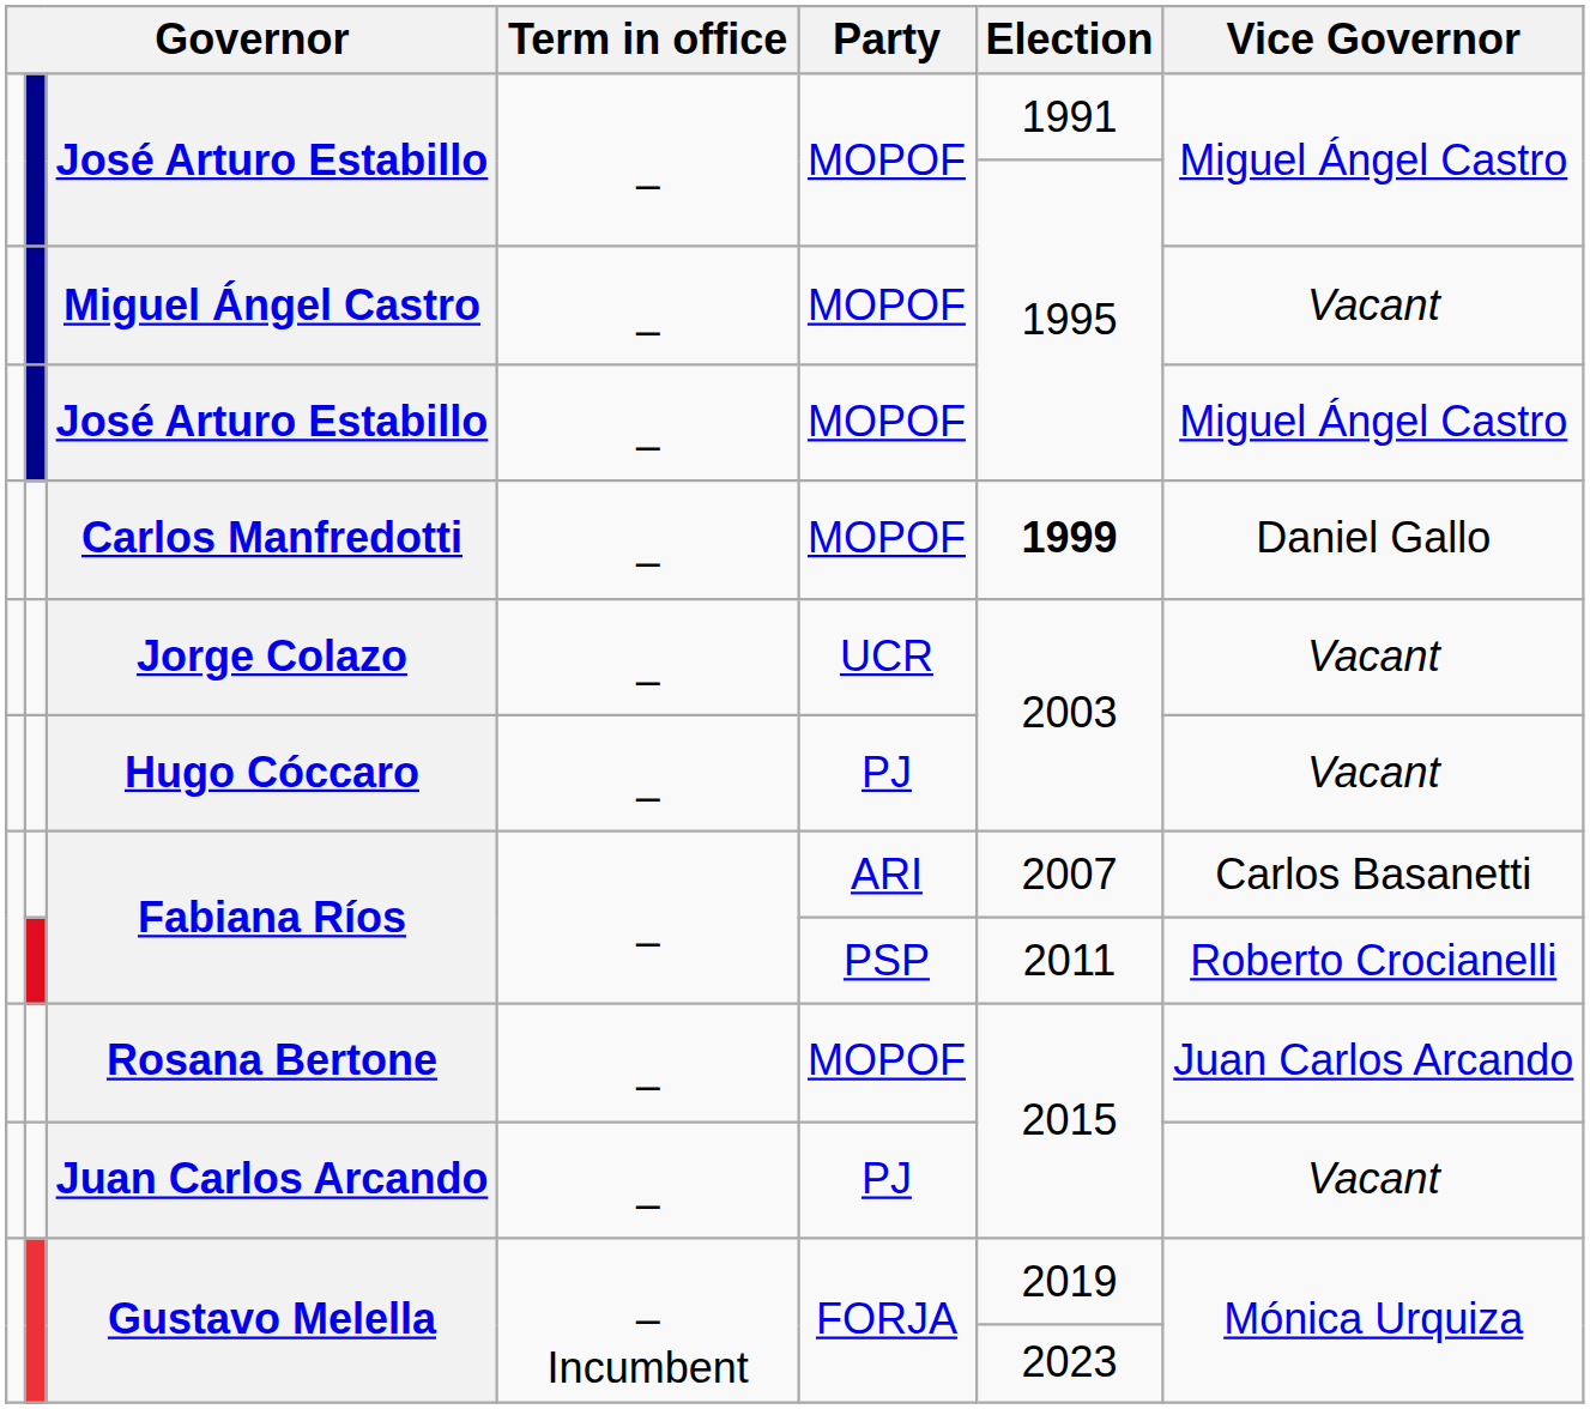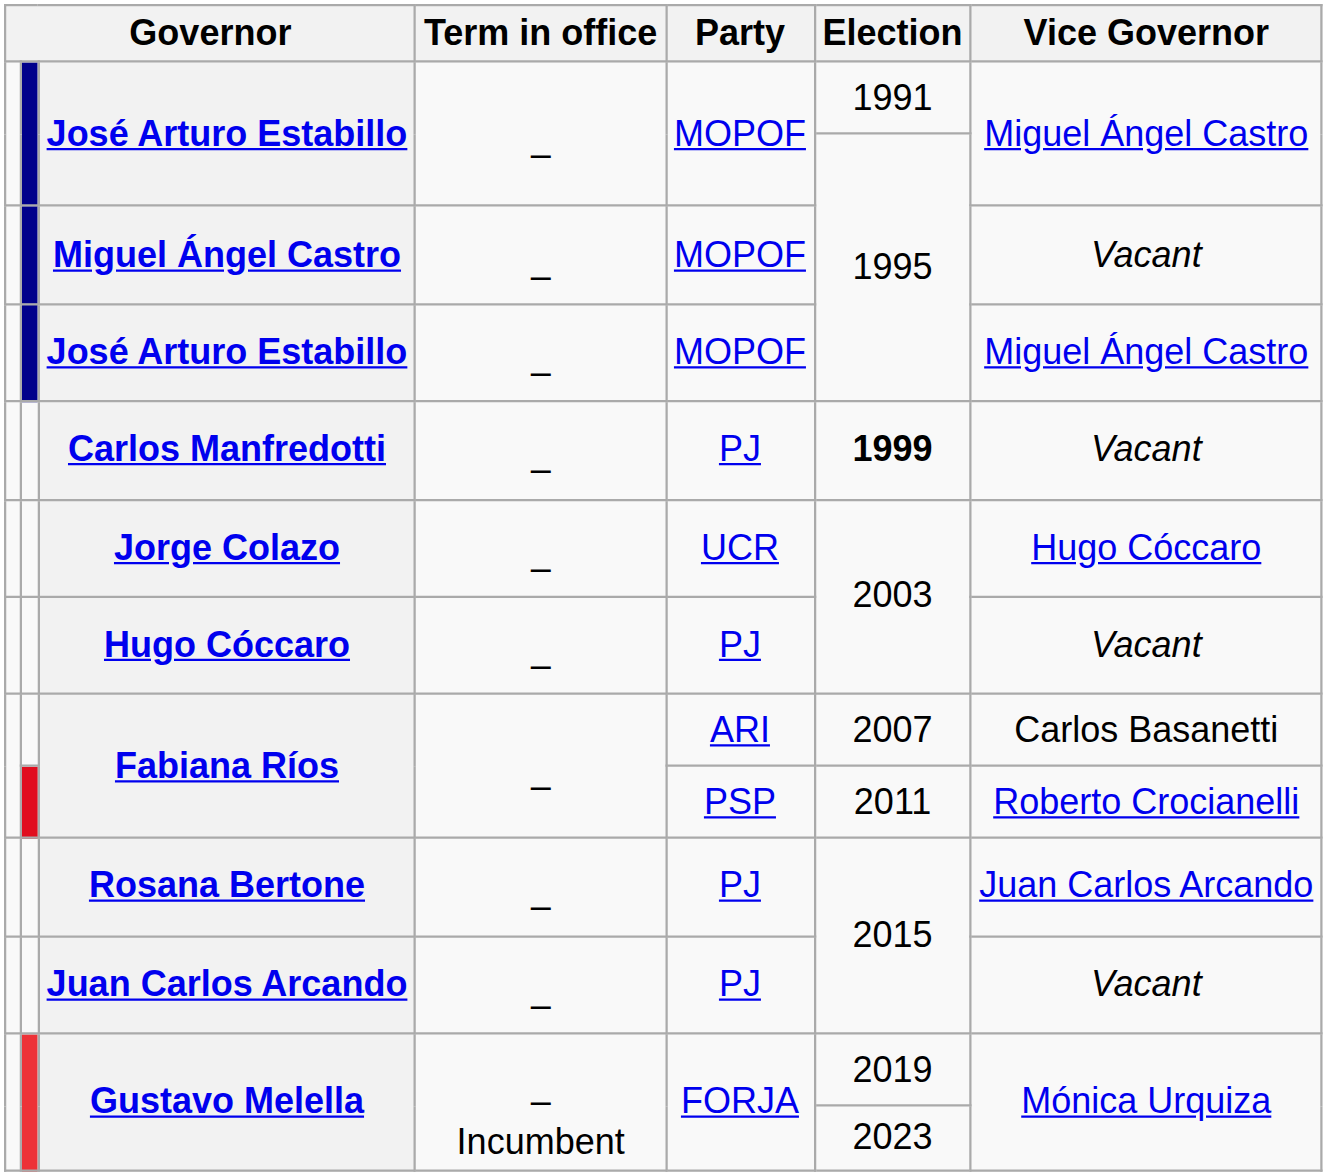 <table class="wikitable sortable" style="text-align: center;">
 <tr>
 <th scope="col" colspan="3">Governor</th>
 <th scope="col">Term in office</th>
 <th scope="col">Party</th>
 <th scope="col">Election</th>
 <th scope="col">Vice Governor</th>
 </tr>
 <tr style="height:2em;">
 <td rowspan="2" data-sort-value="Estabillo, José Arturo"></td>
 <td rowspan="2" style="background:#00008B;"></td>
 <th rowspan="2" scope="row"><a href='#'>José Arturo Estabillo</a></th>
 <td rowspan="2"><br>–<br></td>
 <td rowspan="2"><a href='#'>MOPOF</a></td>
 <td>1991</td>
 <td rowspan="2" data-sort-value="Castro, Miguel Ángel"><a href='#'>Miguel Ángel Castro</a></td>
 </tr>
 <tr style="height:2em;">
 <td rowspan="3">1995</td>
 </tr>
 <tr style="height:2em;">
 <td data-sort-value="Castro, Miguel Ángel"></td>
 <td style="background:#00008B;"></td>
 <th scope="row"><a href='#'>Miguel Ángel Castro</a></th>
 <td><br>–<br></td>
 <td><a href='#'>MOPOF</a></td>
 <td><em>Vacant</em></td>
 </tr>
 <tr style="height:2em;">
 <td data-sort-value="Estabillo, José Arturo"></td>
 <td style="background:#00008B;"></td>
 <th scope="row"><a href='#'>José Arturo Estabillo</a></th>
 <td><br>–<br></td>
 <td><a href='#'>MOPOF</a></td>
 <td data-sort-value="Castro, Miguel Ángel"><a href='#'>Miguel Ángel Castro</a></td>
 </tr>
 <tr style="height:2em;">
 <td data-sort-value="Manfredotti, Carlos"></td>
 <td style="background:"></td>
 <th scope="row"><a href='#'>Carlos Manfredotti</a></th>
 <td><br>–<br></td>
-<td><a href='#'>MOPOF</a></td>
+<td><a href='#'>PJ</a></td>
 <td><strong>1999</strong></td>
-<td data-sort-value="Gallo, Daniel">Daniel Gallo</td>
+<td><em>Vacant</em></td>
 </tr>
 <tr style="height:2em;">
 <td data-sort-value="Colazo, Jorge"></td>
 <td style="background:"></td>
 <th scope="row"><a href='#'>Jorge Colazo</a></th>
 <td><br>–<br></td>
 <td><a href='#'>UCR</a></td>
 <td rowspan="2">2003</td>
-<td><em>Vacant</em></td>
+<td data-sort-value="Cóccaro, Hugo"><a href='#'>Hugo Cóccaro</a></td>
 </tr>
 <tr style="height:2em;">
 <td data-sort-value="Cóccaro, Hugo"></td>
 <td style="background:"></td>
 <th scope="row"><a href='#'>Hugo Cóccaro</a></th>
 <td><br>–<br></td>
 <td><a href='#'>PJ</a></td>
 <td><em>Vacant</em></td>
 </tr>
 <tr style="height:2em;">
 <td rowspan="2" data-sort-value="Ríos, Fabiana"></td>
 <td style="background:"></td>
 <th rowspan="2" scope="row"><a href='#'>Fabiana Ríos</a></th>
 <td rowspan="2"><br>–<br></td>
 <td><a href='#'>ARI</a></td>
 <td>2007</td>
 <td data-sort-value="Basanetti, Carlos">Carlos Basanetti</td>
 </tr>
 <tr style="height:2em;">
 <td style="background:#e10d1e;"></td>
 <td><a href='#'>PSP</a></td>
 <td>2011</td>
 <td data-sort-value="Crocianelli, Roberto"><a href='#'>Roberto Crocianelli</a></td>
 </tr>
 <tr style="height:2em;">
 <td data-sort-value="Bertone, Rosana"></td>
 <td style="background:"></td>
 <th scope="row"><a href='#'>Rosana Bertone</a></th>
 <td><br>–<br></td>
-<td><a href='#'>MOPOF</a></td>
+<td><a href='#'>PJ</a></td>
 <td rowspan="2">2015</td>
 <td data-sort-value="Arcando, Juan Carlos"><a href='#'>Juan Carlos Arcando</a></td>
 </tr>
 <tr style="height:2em;">
 <td data-sort-value="Arcando, Juan Carlos"></td>
 <td style="background:"></td>
 <th scope="row"><a href='#'>Juan Carlos Arcando</a></th>
 <td><br>–<br></td>
 <td><a href='#'>PJ</a></td>
 <td><em>Vacant</em></td>
 </tr>
 <tr style="height:2em;">
 <td rowspan="2" data-sort-value="Melella, Gustavo"></td>
 <td rowspan="2" style="background:#ed3237;"></td>
 <th rowspan="2" scope="row"><a href='#'>Gustavo Melella</a></th>
 <td rowspan="2"><br>–<br>Incumbent</td>
 <td rowspan="2"><a href='#'>FORJA</a></td>
 <td>2019</td>
 <td rowspan="2" data-sort-value="Urquiza, Mónica"><a href='#'>Mónica Urquiza</a></td>
 </tr>
 <tr>
 <td>2023</td>
 </tr>
 </table>
